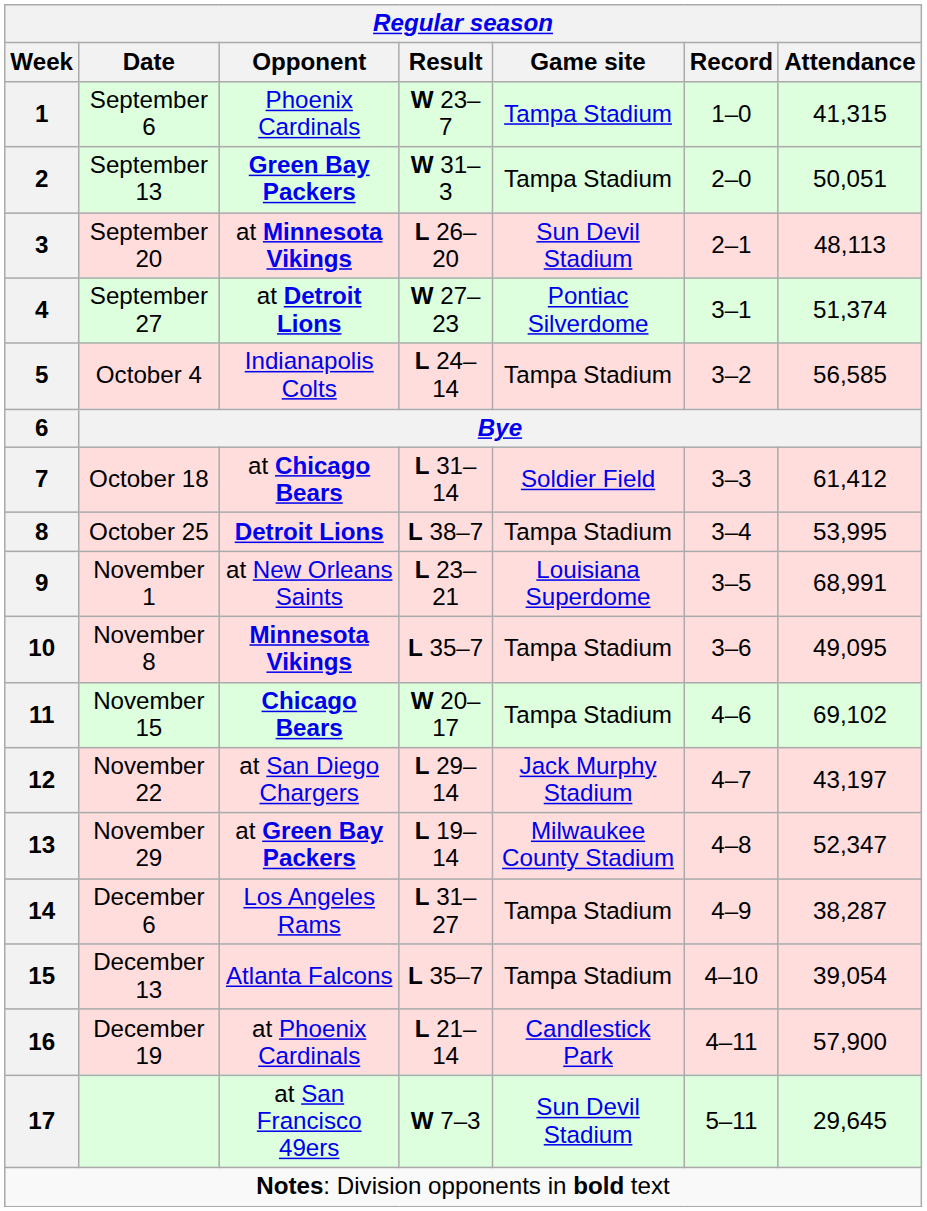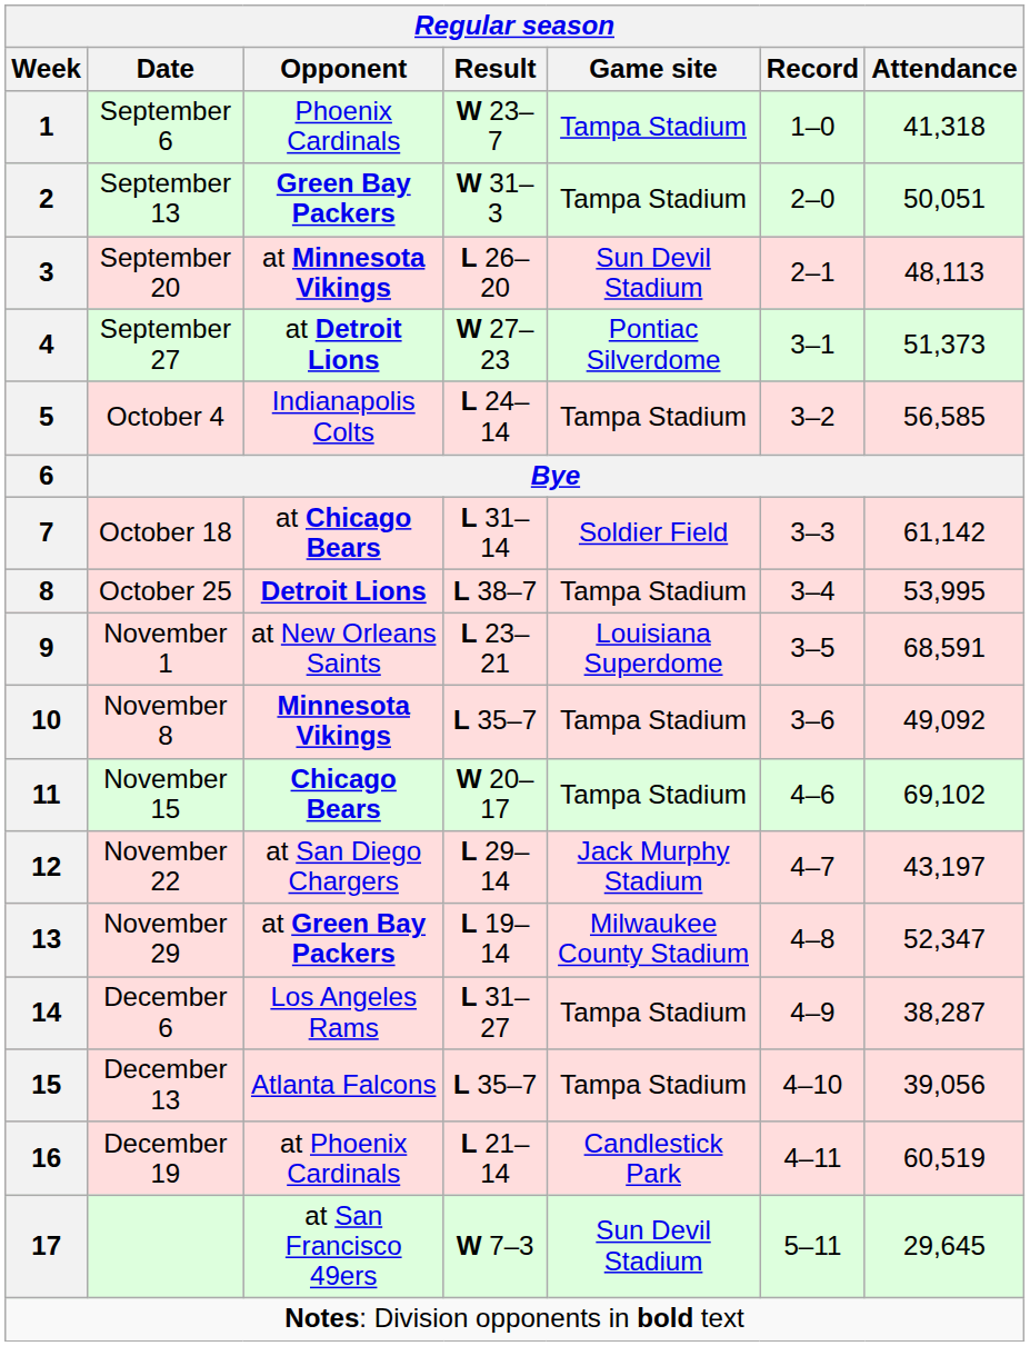 <table class="wikitable" style="text-align:center;">
 <tr>
 <th colspan="7"><em><a href='#'>Regular season</a></em></th>
 </tr>
 <tr>
 <th>Week</th>
 <th>Date</th>
 <th>Opponent</th>
 <th>Result</th>
 <th>Game site</th>
 <th>Record</th>
 <th>Attendance</th>
 </tr>
 <tr style="background:#dfd;">
 <th>1</th>
 <td>September 6</td>
 <td><a href='#'>Phoenix Cardinals</a></td>
 <td><strong>W</strong> 23–7</td>
 <td><a href='#'>Tampa Stadium</a></td>
 <td>1–0</td>
-<td>41,315</td>
+<td>41,318</td>
 </tr>
 <tr style="background:#dfd;">
 <th>2</th>
 <td>September 13</td>
 <td><strong><a href='#'>Green Bay Packers</a></strong></td>
 <td><strong>W</strong> 31–3</td>
 <td>Tampa Stadium</td>
 <td>2–0</td>
 <td>50,051</td>
 </tr>
 <tr style="background:#fdd;">
 <th>3</th>
 <td>September 20</td>
 <td>at <strong><a href='#'>Minnesota Vikings</a></strong></td>
 <td><strong>L</strong> 26–20</td>
 <td><a href='#'>Sun Devil Stadium</a></td>
 <td>2–1</td>
 <td>48,113</td>
 </tr>
 <tr style="background:#dfd;">
 <th>4</th>
 <td>September 27</td>
 <td>at <strong><a href='#'>Detroit Lions</a></strong></td>
 <td><strong>W</strong> 27–23</td>
 <td><a href='#'>Pontiac Silverdome</a></td>
 <td>3–1</td>
-<td>51,374</td>
+<td>51,373</td>
 </tr>
 <tr style="background:#fdd;">
 <th>5</th>
 <td>October 4</td>
 <td><a href='#'>Indianapolis Colts</a></td>
 <td><strong>L</strong> 24–14</td>
 <td>Tampa Stadium</td>
 <td>3–2</td>
 <td>56,585</td>
 </tr>
 <tr>
 <th>6</th>
 <th colspan="6"><em><a href='#'>Bye</a></em></th>
 </tr>
 <tr style="background:#fdd;">
 <th>7</th>
 <td>October 18</td>
 <td>at <strong><a href='#'>Chicago Bears</a></strong></td>
 <td><strong>L</strong> 31–14</td>
 <td><a href='#'>Soldier Field</a></td>
 <td>3–3</td>
-<td>61,412</td>
+<td>61,142</td>
 </tr>
 <tr style="background:#fdd;">
 <th>8</th>
 <td>October 25</td>
 <td><strong><a href='#'>Detroit Lions</a></strong></td>
 <td><strong>L</strong> 38–7</td>
 <td>Tampa Stadium</td>
 <td>3–4</td>
 <td>53,995</td>
 </tr>
 <tr style="background:#fdd;">
 <th>9</th>
 <td>November 1</td>
 <td>at <a href='#'>New Orleans Saints</a></td>
 <td><strong>L</strong> 23–21</td>
 <td><a href='#'>Louisiana Superdome</a></td>
 <td>3–5</td>
-<td>68,991</td>
+<td>68,591</td>
 </tr>
 <tr style="background:#fdd;">
 <th>10</th>
 <td>November 8</td>
 <td><strong><a href='#'>Minnesota Vikings</a></strong></td>
 <td><strong>L</strong> 35–7</td>
 <td>Tampa Stadium</td>
 <td>3–6</td>
-<td>49,095</td>
+<td>49,092</td>
 </tr>
 <tr style="background:#dfd;">
 <th>11</th>
 <td>November 15</td>
 <td><strong><a href='#'>Chicago Bears</a></strong></td>
 <td><strong>W</strong> 20–17</td>
 <td>Tampa Stadium</td>
 <td>4–6</td>
 <td>69,102</td>
 </tr>
 <tr style="background:#fdd;">
 <th>12</th>
 <td>November 22</td>
 <td>at <a href='#'>San Diego Chargers</a></td>
 <td><strong>L</strong> 29–14</td>
 <td><a href='#'>Jack Murphy Stadium</a></td>
 <td>4–7</td>
 <td>43,197</td>
 </tr>
 <tr style="background:#fdd;">
 <th>13</th>
 <td>November 29</td>
 <td>at <strong><a href='#'>Green Bay Packers</a></strong></td>
 <td><strong>L</strong> 19–14</td>
 <td><a href='#'>Milwaukee County Stadium</a></td>
 <td>4–8</td>
 <td>52,347</td>
 </tr>
 <tr style="background:#fdd;">
 <th>14</th>
 <td>December 6</td>
 <td><a href='#'>Los Angeles Rams</a></td>
 <td><strong>L</strong> 31–27</td>
 <td>Tampa Stadium</td>
 <td>4–9</td>
 <td>38,287</td>
 </tr>
 <tr style="background:#fdd;">
 <th>15</th>
 <td>December 13</td>
 <td><a href='#'>Atlanta Falcons</a></td>
 <td><strong>L</strong> 35–7</td>
 <td>Tampa Stadium</td>
 <td>4–10</td>
-<td>39,054</td>
+<td>39,056</td>
 </tr>
 <tr style="background:#fdd;">
 <th>16</th>
 <td>December 19</td>
 <td>at <a href='#'>Phoenix Cardinals</a></td>
 <td><strong>L</strong> 21–14</td>
 <td><a href='#'>Candlestick Park</a></td>
 <td>4–11</td>
-<td>57,900</td>
+<td>60,519</td>
 </tr>
 <tr style="background:#dfd;">
 <th>17</th>
 <td></td>
 <td>at <a href='#'>San Francisco 49ers</a></td>
 <td><strong>W</strong> 7–3</td>
 <td><a href='#'>Sun Devil Stadium</a></td>
 <td>5–11</td>
 <td>29,645</td>
 </tr>
 <tr>
 <td colspan="7"><strong>Notes</strong>: Division opponents in <strong>bold</strong> text</td>
 </tr>
 </table>
